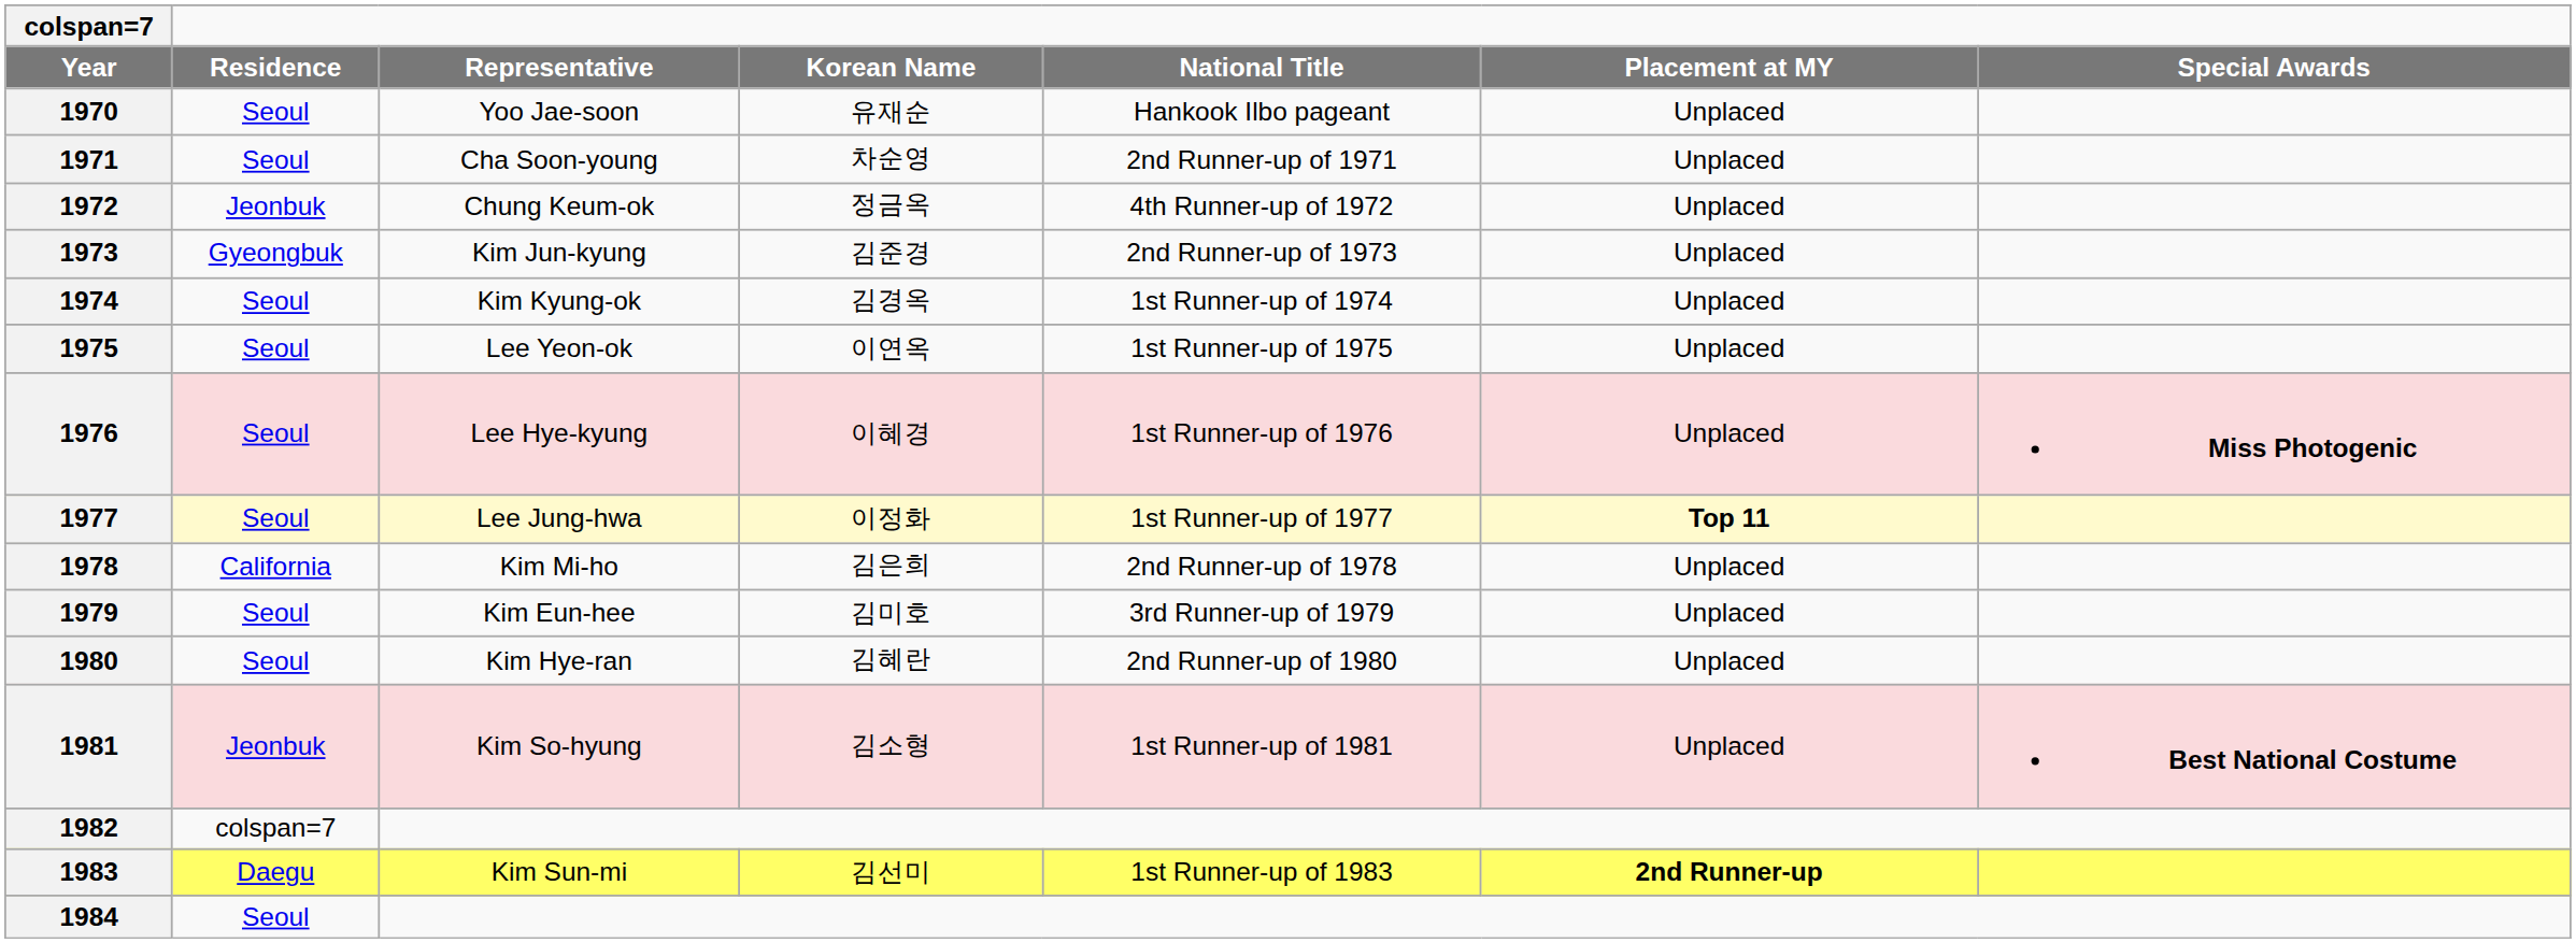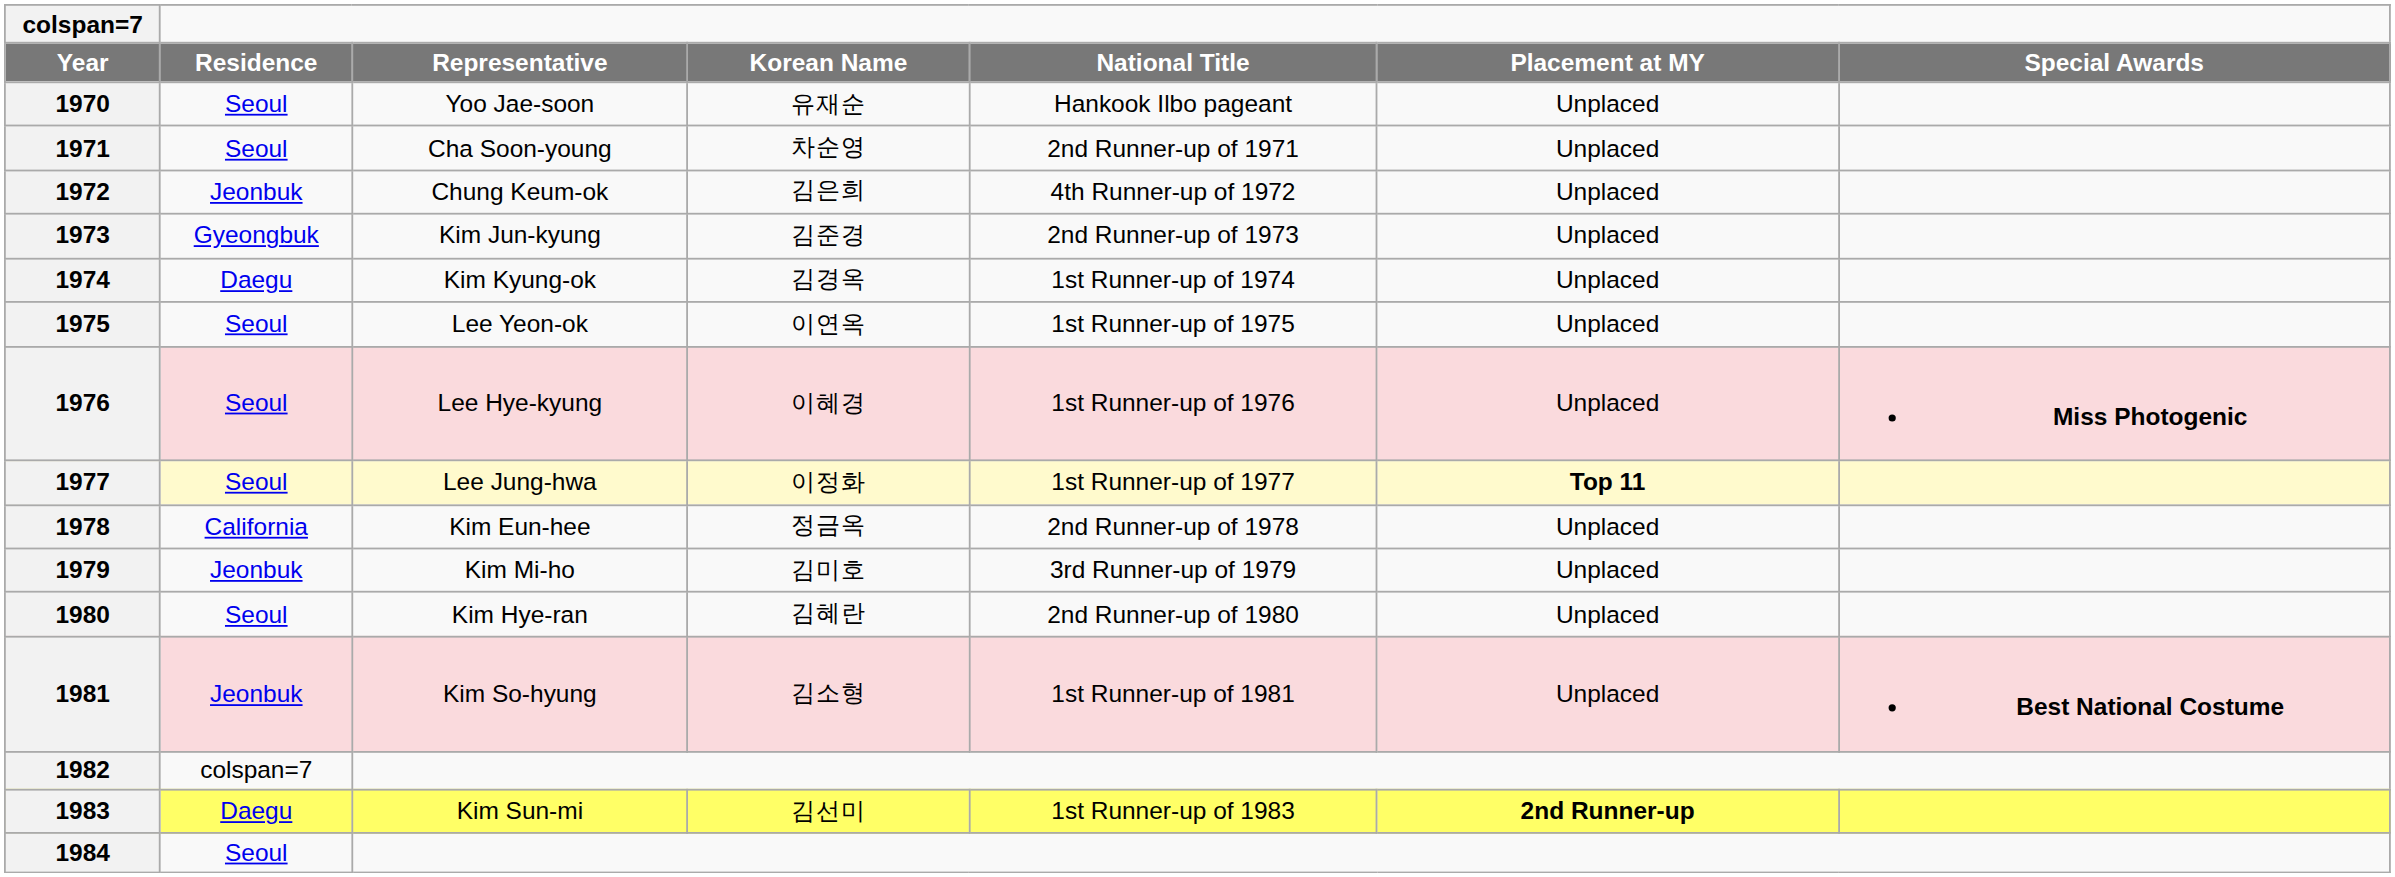 <table class="wikitable sortable" style="font-size: 85%; text-align:center">
 <tr>
 <th>colspan=7 </th>
 </tr>
 <tr>
 <th width="80" style="background-color:#787878;color:#FFFFFF;">Year</th>
 <th width="100" style="background-color:#787878;color:#FFFFFF;">Residence</th>
 <th width="180" style="background-color:#787878;color:#FFFFFF;">Representative</th>
 <th width="150" style="background-color:#787878;color:#FFFFFF;">Korean Name</th>
 <th width="220" style="background-color:#787878;color:#FFFFFF;">National Title</th>
 <th width="250" style="background-color:#787878;color:#FFFFFF;">Placement at MY</th>
 <th width="300" style="background-color:#787878;color:#FFFFFF;">Special Awards</th>
 </tr>
 <tr>
 <th>1970</th>
 <td><a href='#'>Seoul</a></td>
 <td>Yoo Jae-soon</td>
 <td>유재순</td>
 <td>Hankook Ilbo pageant</td>
 <td>Unplaced</td>
 <td></td>
 </tr>
 <tr>
 <th>1971</th>
 <td><a href='#'>Seoul</a></td>
 <td>Cha Soon-young</td>
 <td>차순영</td>
 <td>2nd Runner-up of 1971</td>
 <td>Unplaced</td>
 <td></td>
 </tr>
 <tr>
 <th>1972</th>
 <td><a href='#'>Jeonbuk</a></td>
 <td>Chung Keum-ok</td>
-<td>정금옥</td>
+<td>김은희</td>
 <td>4th Runner-up of 1972</td>
 <td>Unplaced</td>
 <td></td>
 </tr>
 <tr>
 <th>1973</th>
 <td><a href='#'>Gyeongbuk</a></td>
 <td>Kim Jun-kyung</td>
 <td>김준경</td>
 <td>2nd Runner-up of 1973</td>
 <td>Unplaced</td>
 <td></td>
 </tr>
 <tr>
 <th>1974</th>
-<td><a href='#'>Seoul</a></td>
+<td><a href='#'>Daegu</a></td>
 <td>Kim Kyung-ok</td>
 <td>김경옥</td>
 <td>1st Runner-up of 1974</td>
 <td>Unplaced</td>
 <td></td>
 </tr>
 <tr>
 <th>1975</th>
 <td><a href='#'>Seoul</a></td>
 <td>Lee Yeon-ok</td>
 <td>이연옥</td>
 <td>1st Runner-up of 1975</td>
 <td>Unplaced</td>
 <td></td>
 </tr>
 <tr style="background-color:#FADADD;: bold">
 <th>1976</th>
 <td><a href='#'>Seoul</a></td>
 <td>Lee Hye-kyung</td>
 <td>이혜경</td>
 <td>1st Runner-up of 1976</td>
 <td>Unplaced</td>
 <td><br><ul><li><strong>Miss Photogenic</strong></li></ul></td>
 </tr>
 <tr style="background-color:#FFFACD; ">
 <th>1977</th>
 <td><a href='#'>Seoul</a></td>
 <td>Lee Jung-hwa</td>
 <td>이정화</td>
 <td>1st Runner-up of 1977</td>
 <td><strong>Top 11</strong></td>
 <td></td>
 </tr>
 <tr>
 <th>1978</th>
 <td><a href='#'>California</a></td>
-<td>Kim Mi-ho</td>
-<td>김은희</td>
+<td>Kim Eun-hee</td>
+<td>정금옥</td>
 <td>2nd Runner-up of 1978</td>
 <td>Unplaced</td>
 <td></td>
 </tr>
 <tr>
 <th>1979</th>
-<td><a href='#'>Seoul</a></td>
-<td>Kim Eun-hee</td>
+<td><a href='#'>Jeonbuk</a></td>
+<td>Kim Mi-ho</td>
 <td>김미호</td>
 <td>3rd Runner-up of 1979</td>
 <td>Unplaced</td>
 <td></td>
 </tr>
 <tr>
 <th>1980</th>
 <td><a href='#'>Seoul</a></td>
 <td>Kim Hye-ran</td>
 <td>김혜란</td>
 <td>2nd Runner-up of 1980</td>
 <td>Unplaced</td>
 <td></td>
 </tr>
 <tr style="background-color:#FADADD;: bold">
 <th>1981</th>
 <td><a href='#'>Jeonbuk</a></td>
 <td>Kim So-hyung</td>
 <td>김소형</td>
 <td>1st Runner-up of 1981</td>
 <td>Unplaced</td>
 <td><br><ul><li><strong>Best National Costume</strong></li></ul></td>
 </tr>
 <tr>
 <th>1982</th>
 <td>colspan=7 </td>
 </tr>
 <tr style="background-color:#FFFF66; ">
 <th>1983</th>
 <td><a href='#'>Daegu</a></td>
 <td>Kim Sun-mi</td>
 <td>김선미</td>
 <td>1st Runner-up of 1983</td>
 <td><strong>2nd Runner-up</strong></td>
 <td></td>
 </tr>
 <tr>
 <th>1984</th>
 <td><a href='#'>Seoul</a></td>
 </tr>
 </table>
